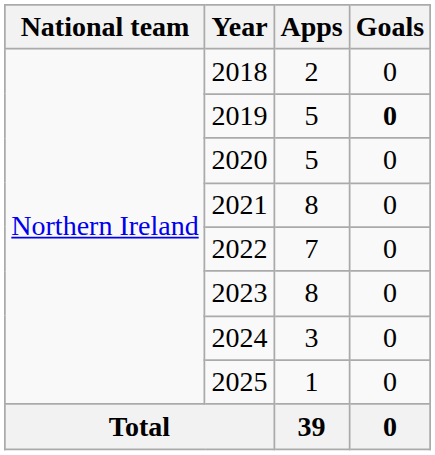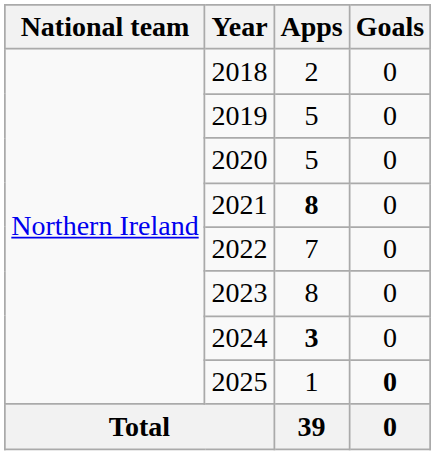 <table class=wikitable style="text-align: center">
 <tr>
 <th>National team</th>
 <th>Year</th>
 <th>Apps</th>
 <th>Goals</th>
 </tr>
 <tr>
 <td rowspan=8><a href='#'>Northern Ireland</a></td>
 <td>2018</td>
 <td>2</td>
 <td>0</td>
 </tr>
 <tr>
 <td>2019</td>
 <td>5</td>
-<td><strong>0</strong></td>
+<td>0</td>
 </tr>
 <tr>
 <td>2020</td>
 <td>5</td>
 <td>0</td>
 </tr>
 <tr>
 <td>2021</td>
-<td>8</td>
+<td><strong>8</strong></td>
 <td>0</td>
 </tr>
 <tr>
 <td>2022</td>
 <td>7</td>
 <td>0</td>
 </tr>
 <tr>
 <td>2023</td>
 <td>8</td>
 <td>0</td>
 </tr>
 <tr>
 <td>2024</td>
-<td>3</td>
+<td><strong>3</strong></td>
 <td>0</td>
 </tr>
 <tr>
 <td>2025</td>
 <td>1</td>
-<td>0</td>
+<td><strong>0</strong></td>
 </tr>
 <tr>
 <th colspan=2>Total</th>
 <th>39</th>
 <th>0</th>
 </tr>
 </table>
